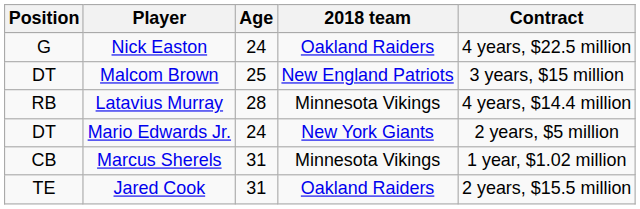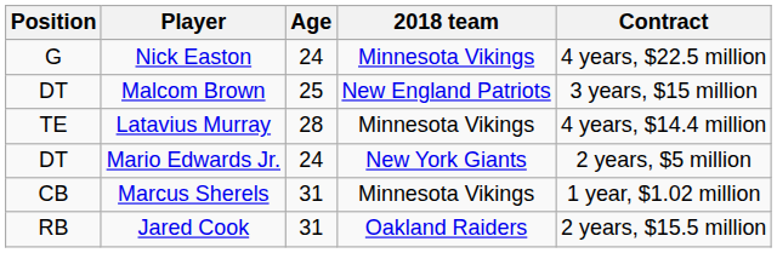 <table class="wikitable" style="text-align:center">
 <tr>
 <th>Position</th>
 <th>Player</th>
 <th>Age</th>
 <th>2018 team</th>
 <th>Contract</th>
 </tr>
 <tr>
 <td>G</td>
 <td><a href='#'>Nick Easton</a></td>
 <td>24</td>
-<td><a href='#'>Oakland Raiders</a></td>
+<td><a href='#'>Minnesota Vikings</a></td>
 <td>4 years, $22.5 million</td>
 </tr>
 <tr>
 <td>DT</td>
 <td><a href='#'>Malcom Brown</a></td>
 <td>25</td>
 <td><a href='#'>New England Patriots</a></td>
 <td>3 years, $15 million</td>
 </tr>
 <tr>
-<td>RB</td>
+<td>TE</td>
 <td><a href='#'>Latavius Murray</a></td>
 <td>28</td>
 <td>Minnesota Vikings</td>
 <td>4 years, $14.4 million</td>
 </tr>
 <tr>
 <td>DT</td>
 <td><a href='#'>Mario Edwards Jr.</a></td>
 <td>24</td>
 <td><a href='#'>New York Giants</a></td>
 <td>2 years, $5 million</td>
 </tr>
 <tr>
 <td>CB</td>
 <td><a href='#'>Marcus Sherels</a></td>
 <td>31</td>
 <td>Minnesota Vikings</td>
 <td>1 year, $1.02 million</td>
 </tr>
 <tr>
-<td>TE</td>
+<td>RB</td>
 <td><a href='#'>Jared Cook</a></td>
 <td>31</td>
 <td><a href='#'>Oakland Raiders</a></td>
 <td>2 years, $15.5 million</td>
 </tr>
 </table>
